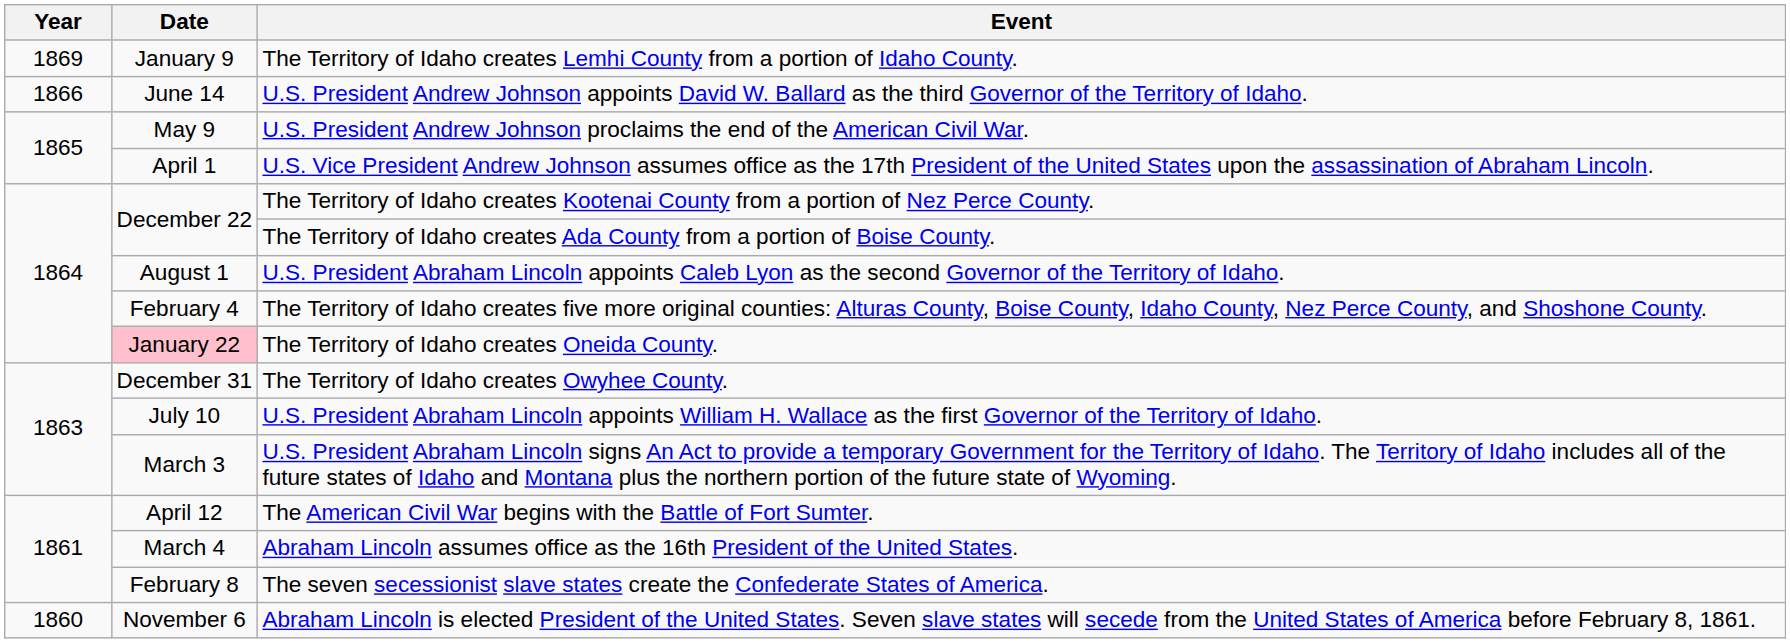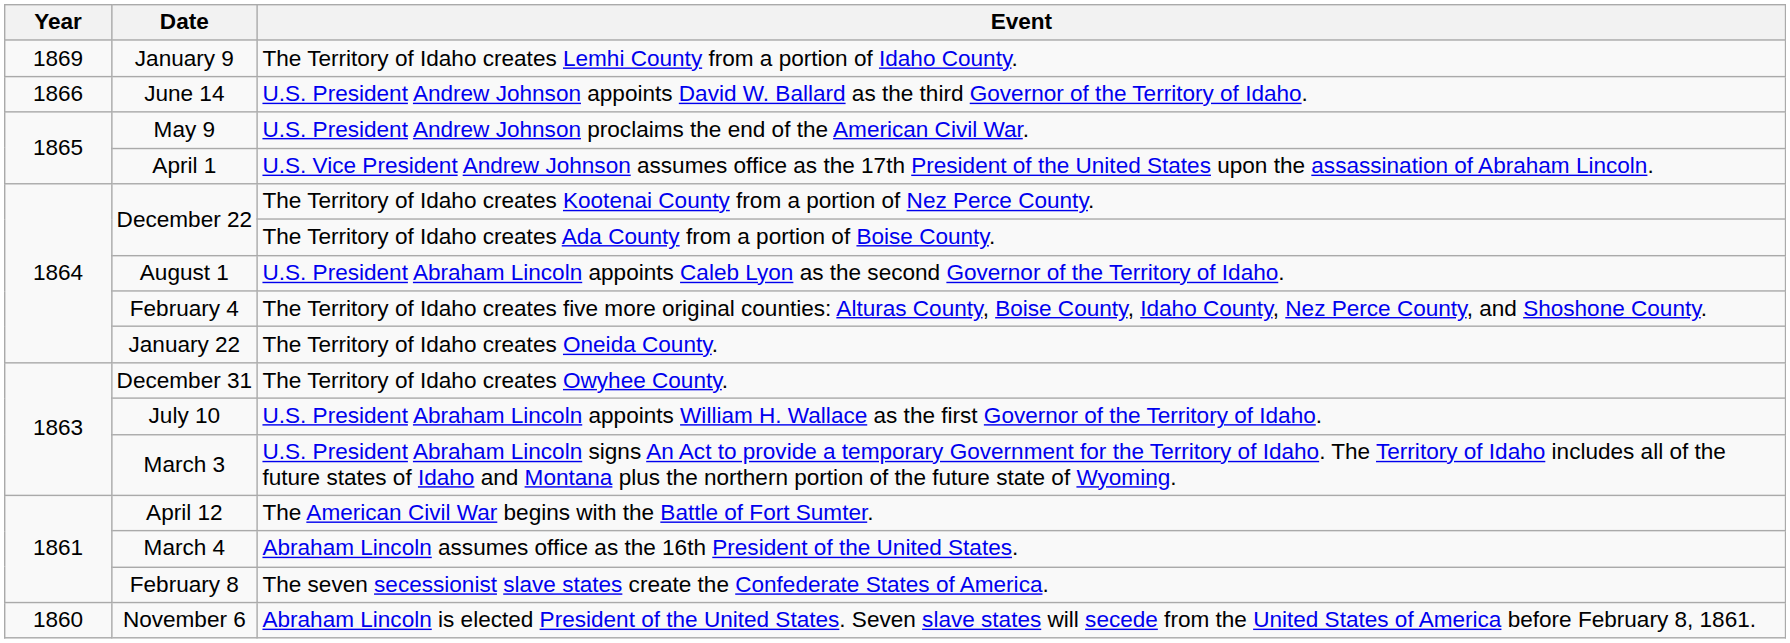 <table class="wikitable" style="width:100%;">
 <tr>
 <th style="width:6%">Year</th>
 <th style="width:8%">Date</th>
 <th style="width:86%">Event</th>
 </tr>
 <tr>
 <td align=center rowspan=1>1869</td>
 <td align=center>January 9</td>
 <td>The Territory of Idaho creates <a href='#'>Lemhi County</a> from a portion of <a href='#'>Idaho County</a>.</td>
 </tr>
 <tr>
 <td align=center rowspan=1>1866</td>
 <td align=center>June 14</td>
 <td><a href='#'>U.S. President</a> <a href='#'>Andrew Johnson</a> appoints <a href='#'>David W. Ballard</a> as the third <a href='#'>Governor of the Territory of Idaho</a>.</td>
 </tr>
 <tr>
 <td align=center rowspan=2>1865</td>
 <td align=center>May 9</td>
 <td><a href='#'>U.S. President</a> <a href='#'>Andrew Johnson</a> proclaims the end of the <a href='#'>American Civil War</a>.</td>
 </tr>
 <tr>
 <td align=center>April 1</td>
 <td><a href='#'>U.S. Vice President</a> <a href='#'>Andrew Johnson</a> assumes office as the 17th <a href='#'>President of the United States</a> upon the <a href='#'>assassination of Abraham Lincoln</a>.</td>
 </tr>
 <tr>
 <td align=center rowspan=5>1864</td>
 <td align=center rowspan=2>December 22</td>
 <td>The Territory of Idaho creates <a href='#'>Kootenai County</a> from a portion of <a href='#'>Nez Perce County</a>.</td>
 </tr>
 <tr>
 <td>The Territory of Idaho creates <a href='#'>Ada County</a> from a portion of <a href='#'>Boise County</a>.</td>
 </tr>
 <tr>
 <td align=center>August 1</td>
 <td><a href='#'>U.S. President</a> <a href='#'>Abraham Lincoln</a> appoints <a href='#'>Caleb Lyon</a> as the second <a href='#'>Governor of the Territory of Idaho</a>.</td>
 </tr>
 <tr>
 <td align=center>February 4</td>
 <td>The Territory of Idaho creates five more original counties: <a href='#'>Alturas County</a>, <a href='#'>Boise County</a>, <a href='#'>Idaho County</a>, <a href='#'>Nez Perce County</a>, and <a href='#'>Shoshone County</a>.</td>
 </tr>
 <tr>
-<td align=center style="background: pink;">January 22</td>
+<td align=center>January 22</td>
 <td>The Territory of Idaho creates <a href='#'>Oneida County</a>.</td>
 </tr>
 <tr>
 <td align=center rowspan=3>1863</td>
 <td align=center>December 31</td>
 <td>The Territory of Idaho creates <a href='#'>Owyhee County</a>.</td>
 </tr>
 <tr>
 <td align=center>July 10</td>
 <td><a href='#'>U.S. President</a> <a href='#'>Abraham Lincoln</a> appoints <a href='#'>William H. Wallace</a> as the first <a href='#'>Governor of the Territory of Idaho</a>.</td>
 </tr>
 <tr>
 <td align=center>March 3</td>
 <td><a href='#'>U.S. President</a> <a href='#'>Abraham Lincoln</a> signs <a href='#'>An Act to provide a temporary Government for the Territory of Idaho</a>. The <a href='#'>Territory of Idaho</a> includes all of the future states of <a href='#'>Idaho</a> and <a href='#'>Montana</a> plus the northern portion of the future state of <a href='#'>Wyoming</a>.</td>
 </tr>
 <tr>
 <td align=center rowspan=3>1861</td>
 <td align=center>April 12</td>
 <td>The <a href='#'>American Civil War</a> begins with the <a href='#'>Battle of Fort Sumter</a>.</td>
 </tr>
 <tr>
 <td align=center>March 4</td>
 <td><a href='#'>Abraham Lincoln</a> assumes office as the 16th <a href='#'>President of the United States</a>.</td>
 </tr>
 <tr>
 <td align=center>February 8</td>
 <td>The seven <a href='#'>secessionist</a> <a href='#'>slave states</a> create the <a href='#'>Confederate States of America</a>.</td>
 </tr>
 <tr>
 <td align=center rowspan=1>1860</td>
 <td align=center>November 6</td>
 <td><a href='#'>Abraham Lincoln</a> is elected <a href='#'>President of the United States</a>.  Seven <a href='#'>slave states</a> will <a href='#'>secede</a> from the <a href='#'>United States of America</a> before February 8, 1861.</td>
 </tr>
 </table>
